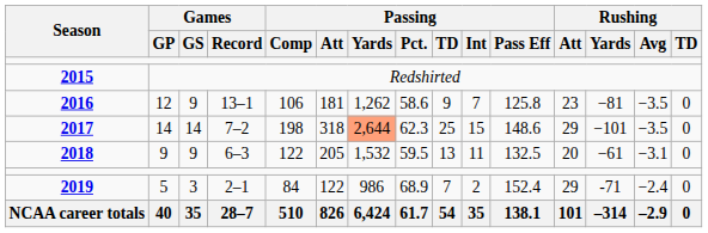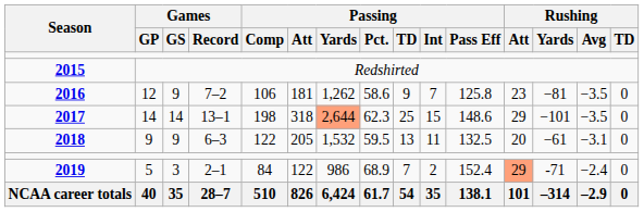 <table class=wikitable style="text-align:center;">
 <tr>
 <th rowspan=2>Season</th>
 <th colspan=3>Games</th>
 <th colspan=7>Passing</th>
 <th colspan=4>Rushing</th>
 </tr>
 <tr>
 <th>GP</th>
 <th>GS</th>
 <th>Record</th>
 <th>Comp</th>
 <th>Att</th>
 <th>Yards</th>
 <th>Pct.</th>
 <th>TD</th>
 <th>Int</th>
 <th>Pass Eff</th>
 <th>Att</th>
 <th>Yards</th>
 <th>Avg</th>
 <th>TD</th>
 </tr>
 <tr>
 <td ! colspan="15"></td>
 </tr>
 <tr>
 <td><strong><a href='#'>2015</a></strong></td>
 <td colspan="15"><em>Redshirted </em></td>
 </tr>
 <tr>
 <td><strong><a href='#'>2016</a></strong></td>
 <td>12</td>
 <td>9</td>
-<td>13–1</td>
+<td>7–2</td>
 <td>106</td>
 <td>181</td>
 <td>1,262</td>
 <td>58.6</td>
 <td>9</td>
 <td>7</td>
 <td>125.8</td>
 <td>23</td>
 <td>−81</td>
 <td>−3.5</td>
 <td>0</td>
 </tr>
 <tr>
 <td><strong><a href='#'>2017</a></strong></td>
 <td>14</td>
 <td>14</td>
-<td>7–2</td>
+<td>13–1</td>
 <td>198</td>
 <td>318</td>
 <td style="background: lightsalmon;">2,644</td>
 <td>62.3</td>
 <td>25</td>
 <td>15</td>
 <td>148.6</td>
 <td>29</td>
 <td>−101</td>
 <td>−3.5</td>
 <td>0</td>
 </tr>
 <tr>
 <td><strong><a href='#'>2018</a></strong></td>
 <td>9</td>
 <td>9</td>
 <td>6–3</td>
 <td>122</td>
 <td>205</td>
 <td>1,532</td>
 <td>59.5</td>
 <td>13</td>
 <td>11</td>
 <td>132.5</td>
 <td>20</td>
 <td>−61</td>
 <td>−3.1</td>
 <td>0</td>
 </tr>
 <tr>
 <td ! colspan="15"></td>
 </tr>
 <tr>
 <td><strong><a href='#'>2019</a></strong></td>
 <td>5</td>
 <td>3</td>
 <td>2–1</td>
 <td>84</td>
 <td>122</td>
 <td>986</td>
 <td>68.9</td>
 <td>7</td>
 <td>2</td>
 <td>152.4</td>
-<td>29</td>
+<td style="background: lightsalmon;">29</td>
 <td>-71</td>
 <td>−2.4</td>
 <td>0</td>
 </tr>
 <tr>
 <th>NCAA career totals</th>
 <th>40</th>
 <th>35</th>
 <th>28–7</th>
 <th>510</th>
 <th>826</th>
 <th>6,424</th>
 <th>61.7</th>
 <th>54</th>
 <th>35</th>
 <th>138.1</th>
 <th>101</th>
 <th>–314</th>
 <th>–2.9</th>
 <th>0</th>
 </tr>
 </table>
